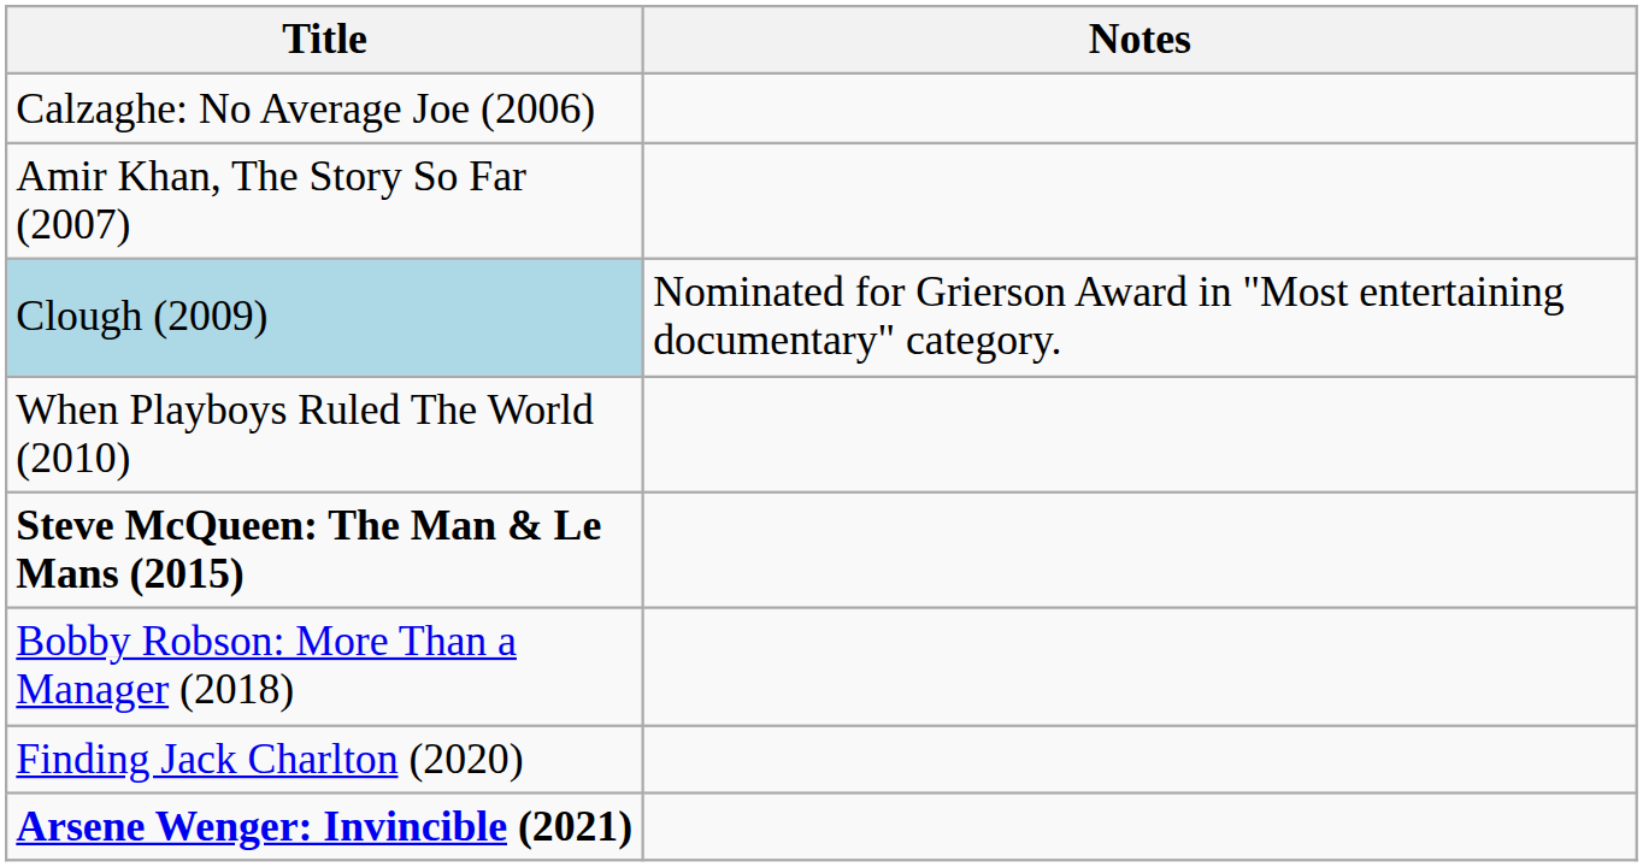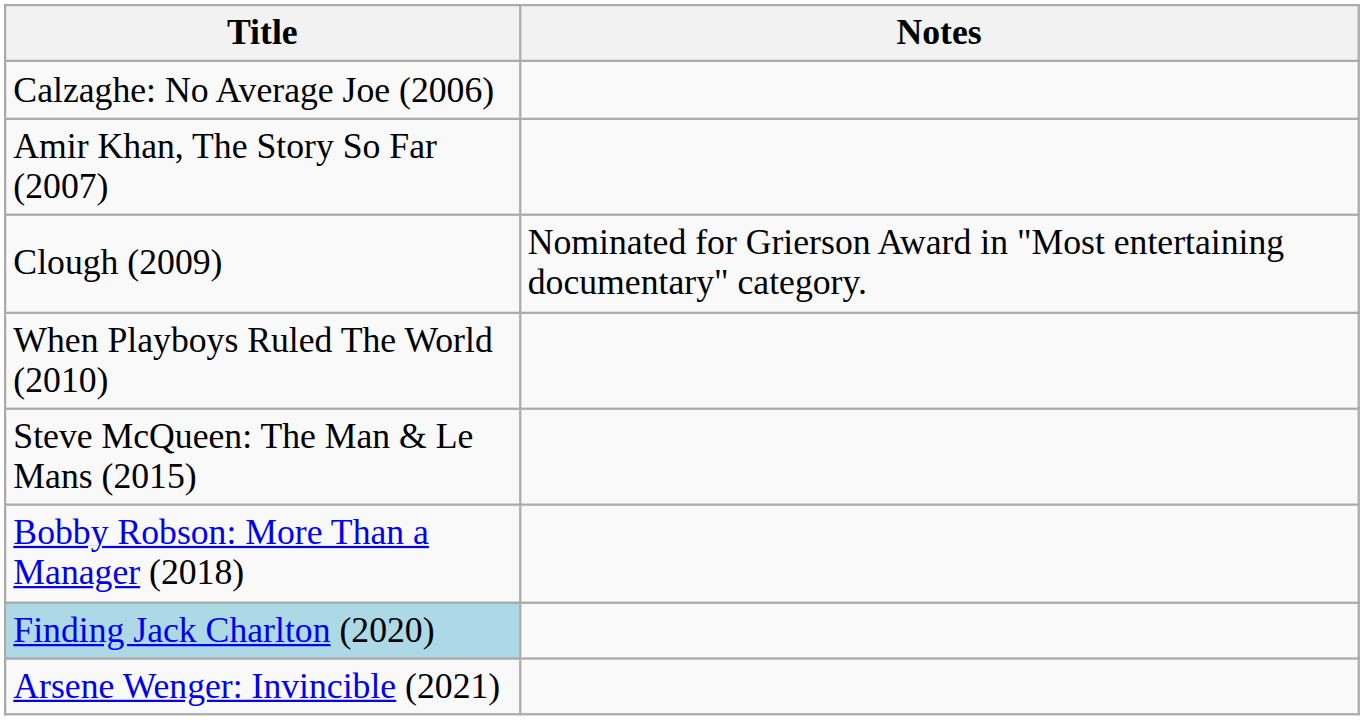 <table class="wikitable">
 <tr>
 <th>Title</th>
 <th>Notes</th>
 </tr>
 <tr>
 <td>Calzaghe: No Average Joe (2006)</td>
 <td></td>
 </tr>
 <tr>
 <td>Amir Khan, The Story So Far (2007)</td>
 <td></td>
 </tr>
 <tr>
-<td style="background: lightblue;">Clough (2009)</td>
+<td>Clough (2009)</td>
 <td>Nominated for Grierson Award in "Most entertaining documentary" category.</td>
 </tr>
 <tr>
 <td>When Playboys Ruled The World (2010)</td>
 <td></td>
 </tr>
 <tr>
-<td><strong>Steve McQueen: The Man & Le Mans (2015)</strong></td>
+<td>Steve McQueen: The Man & Le Mans (2015)</td>
 <td></td>
 </tr>
 <tr>
 <td><a href='#'>Bobby Robson: More Than a Manager</a> (2018)</td>
 <td></td>
 </tr>
 <tr>
-<td><a href='#'>Finding Jack Charlton</a> (2020)</td>
+<td style="background: lightblue;"><a href='#'>Finding Jack Charlton</a> (2020)</td>
 <td></td>
 </tr>
 <tr>
-<td><strong><a href='#'>Arsene Wenger: Invincible</a> (2021)</strong></td>
+<td><a href='#'>Arsene Wenger: Invincible</a> (2021)</td>
 <td></td>
 </tr>
 </table>
